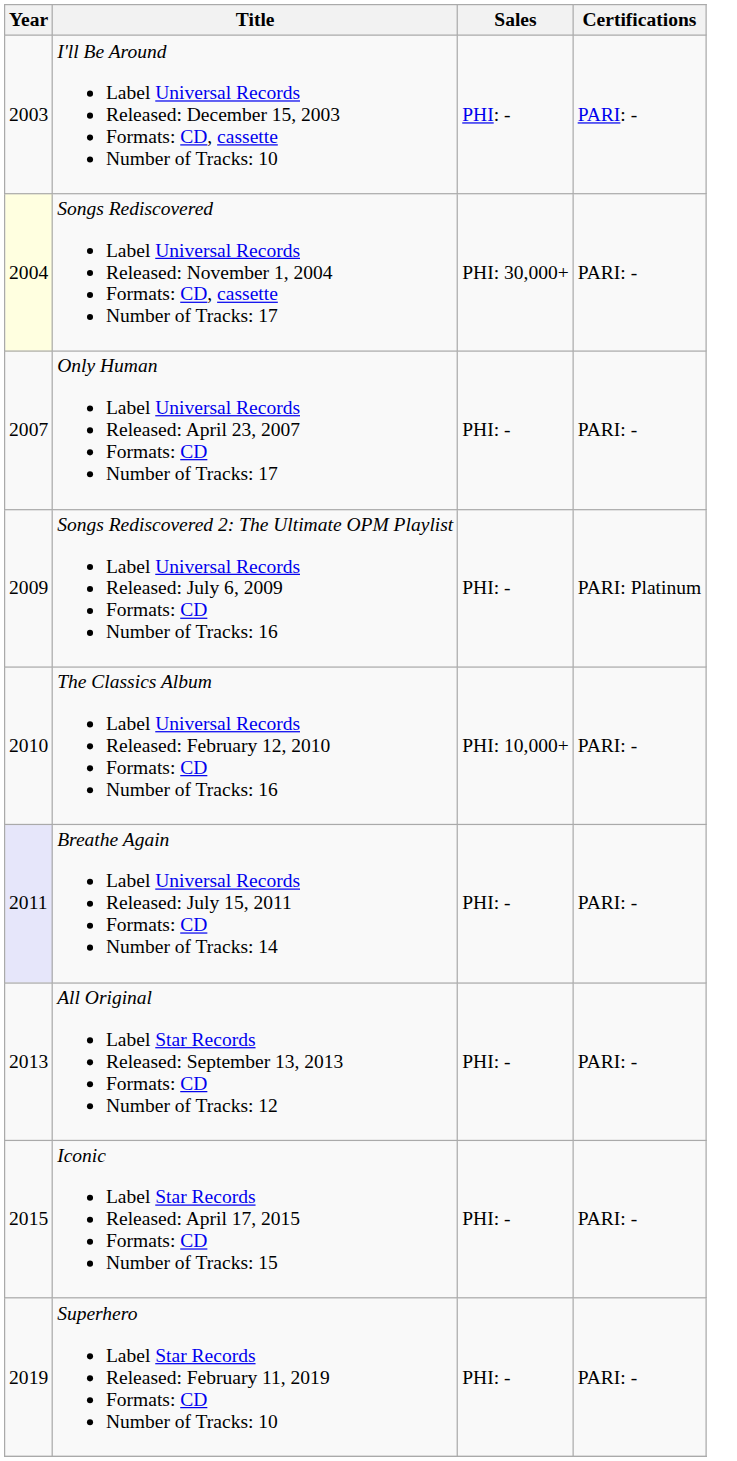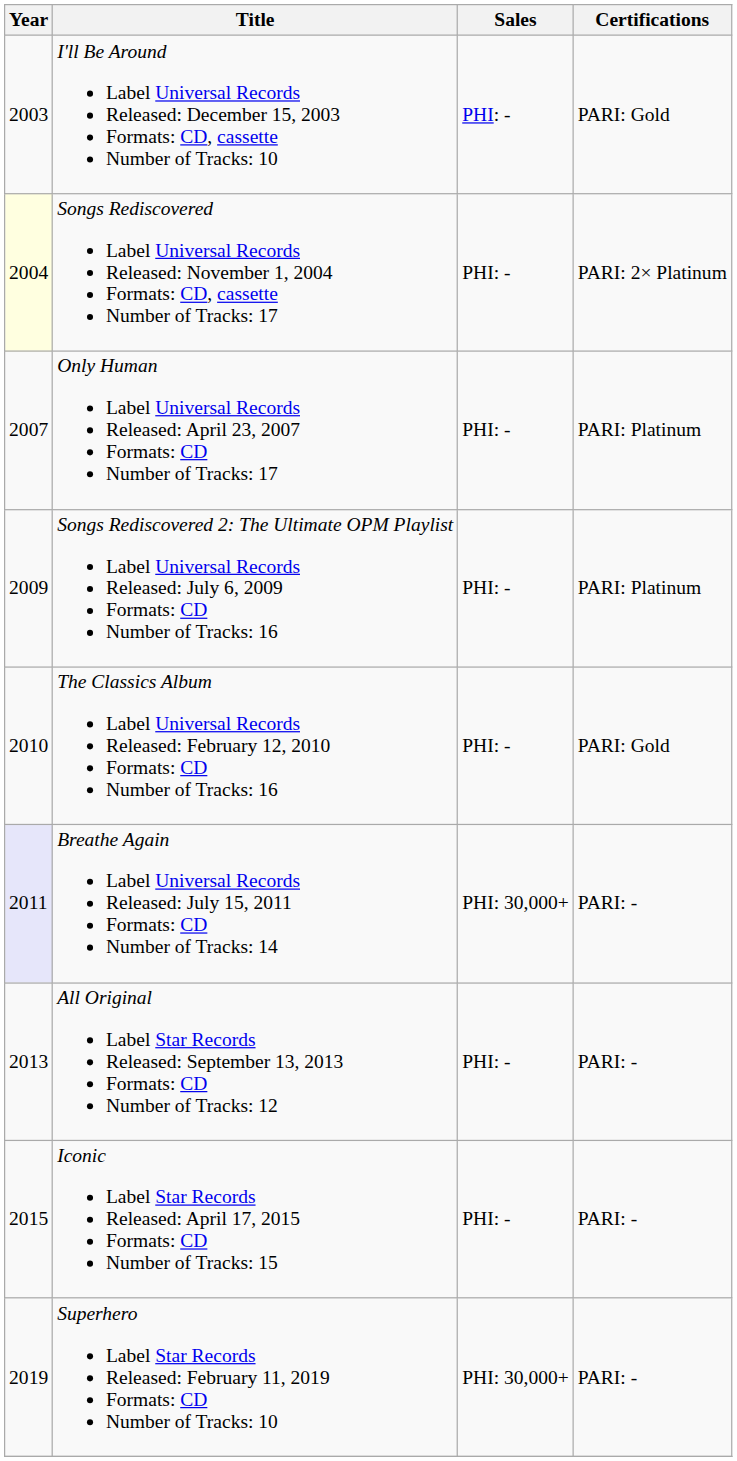 <table class="wikitable">
 <tr>
 <th>Year</th>
 <th>Title</th>
 <th>Sales</th>
 <th>Certifications</th>
 </tr>
 <tr>
 <td>2003</td>
 <td><em>I'll Be Around</em><br><ul><li>Label <a href='#'>Universal Records</a></li><li>Released: December 15, 2003</li><li>Formats: <a href='#'>CD</a>, <a href='#'>cassette</a></li><li>Number of Tracks: 10</li></ul></td>
 <td><a href='#'>PHI</a>: -</td>
-<td><a href='#'>PARI</a>: -</td>
+<td>PARI: Gold</td>
 </tr>
 <tr>
 <td style="background: lightyellow;">2004</td>
 <td><em>Songs Rediscovered</em><br><ul><li>Label <a href='#'>Universal Records</a></li><li>Released: November 1, 2004</li><li>Formats: <a href='#'>CD</a>, <a href='#'>cassette</a></li><li>Number of Tracks: 17</li></ul></td>
-<td>PHI: 30,000+</td>
-<td>PARI: -</td>
+<td>PHI: -</td>
+<td>PARI: 2× Platinum</td>
 </tr>
 <tr>
 <td>2007</td>
 <td><em>Only Human</em><br><ul><li>Label <a href='#'>Universal Records</a></li><li>Released: April 23, 2007</li><li>Formats: <a href='#'>CD</a></li><li>Number of Tracks: 17</li></ul></td>
 <td>PHI: -</td>
-<td>PARI: -</td>
+<td>PARI: Platinum</td>
 </tr>
 <tr>
 <td>2009</td>
 <td><em>Songs Rediscovered 2: The Ultimate OPM Playlist</em><br><ul><li>Label <a href='#'>Universal Records</a></li><li>Released: July 6, 2009</li><li>Formats: <a href='#'>CD</a></li><li>Number of Tracks: 16</li></ul></td>
 <td>PHI: -</td>
 <td>PARI: Platinum</td>
 </tr>
 <tr>
 <td>2010</td>
 <td><em>The Classics Album</em><br><ul><li>Label <a href='#'>Universal Records</a></li><li>Released: February 12, 2010</li><li>Formats: <a href='#'>CD</a></li><li>Number of Tracks: 16</li></ul></td>
-<td>PHI: 10,000+</td>
-<td>PARI: -</td>
+<td>PHI: -</td>
+<td>PARI: Gold</td>
 </tr>
 <tr>
 <td style="background: lavender;">2011</td>
 <td><em>Breathe Again</em><br><ul><li>Label <a href='#'>Universal Records</a></li><li>Released: July 15, 2011</li><li>Formats: <a href='#'>CD</a></li><li>Number of Tracks: 14</li></ul></td>
-<td>PHI: -</td>
+<td>PHI: 30,000+</td>
 <td>PARI: -</td>
 </tr>
 <tr>
 <td>2013</td>
 <td><em>All Original</em><br><ul><li>Label <a href='#'>Star Records</a></li><li>Released: September 13, 2013</li><li>Formats: <a href='#'>CD</a></li><li>Number of Tracks: 12</li></ul></td>
 <td>PHI: -</td>
 <td>PARI: -</td>
 </tr>
 <tr>
 <td>2015</td>
 <td><em>Iconic</em><br><ul><li>Label <a href='#'>Star Records</a></li><li>Released: April 17, 2015</li><li>Formats: <a href='#'>CD</a></li><li>Number of Tracks: 15</li></ul></td>
 <td>PHI: -</td>
 <td>PARI: -</td>
 </tr>
 <tr>
 <td>2019</td>
 <td><em>Superhero</em><br><ul><li>Label <a href='#'>Star Records</a></li><li>Released: February 11, 2019</li><li>Formats: <a href='#'>CD</a></li><li>Number of Tracks: 10</li></ul></td>
-<td>PHI: -</td>
+<td>PHI: 30,000+</td>
 <td>PARI: -</td>
 </tr>
 <tr>
 </tr>
 </table>
